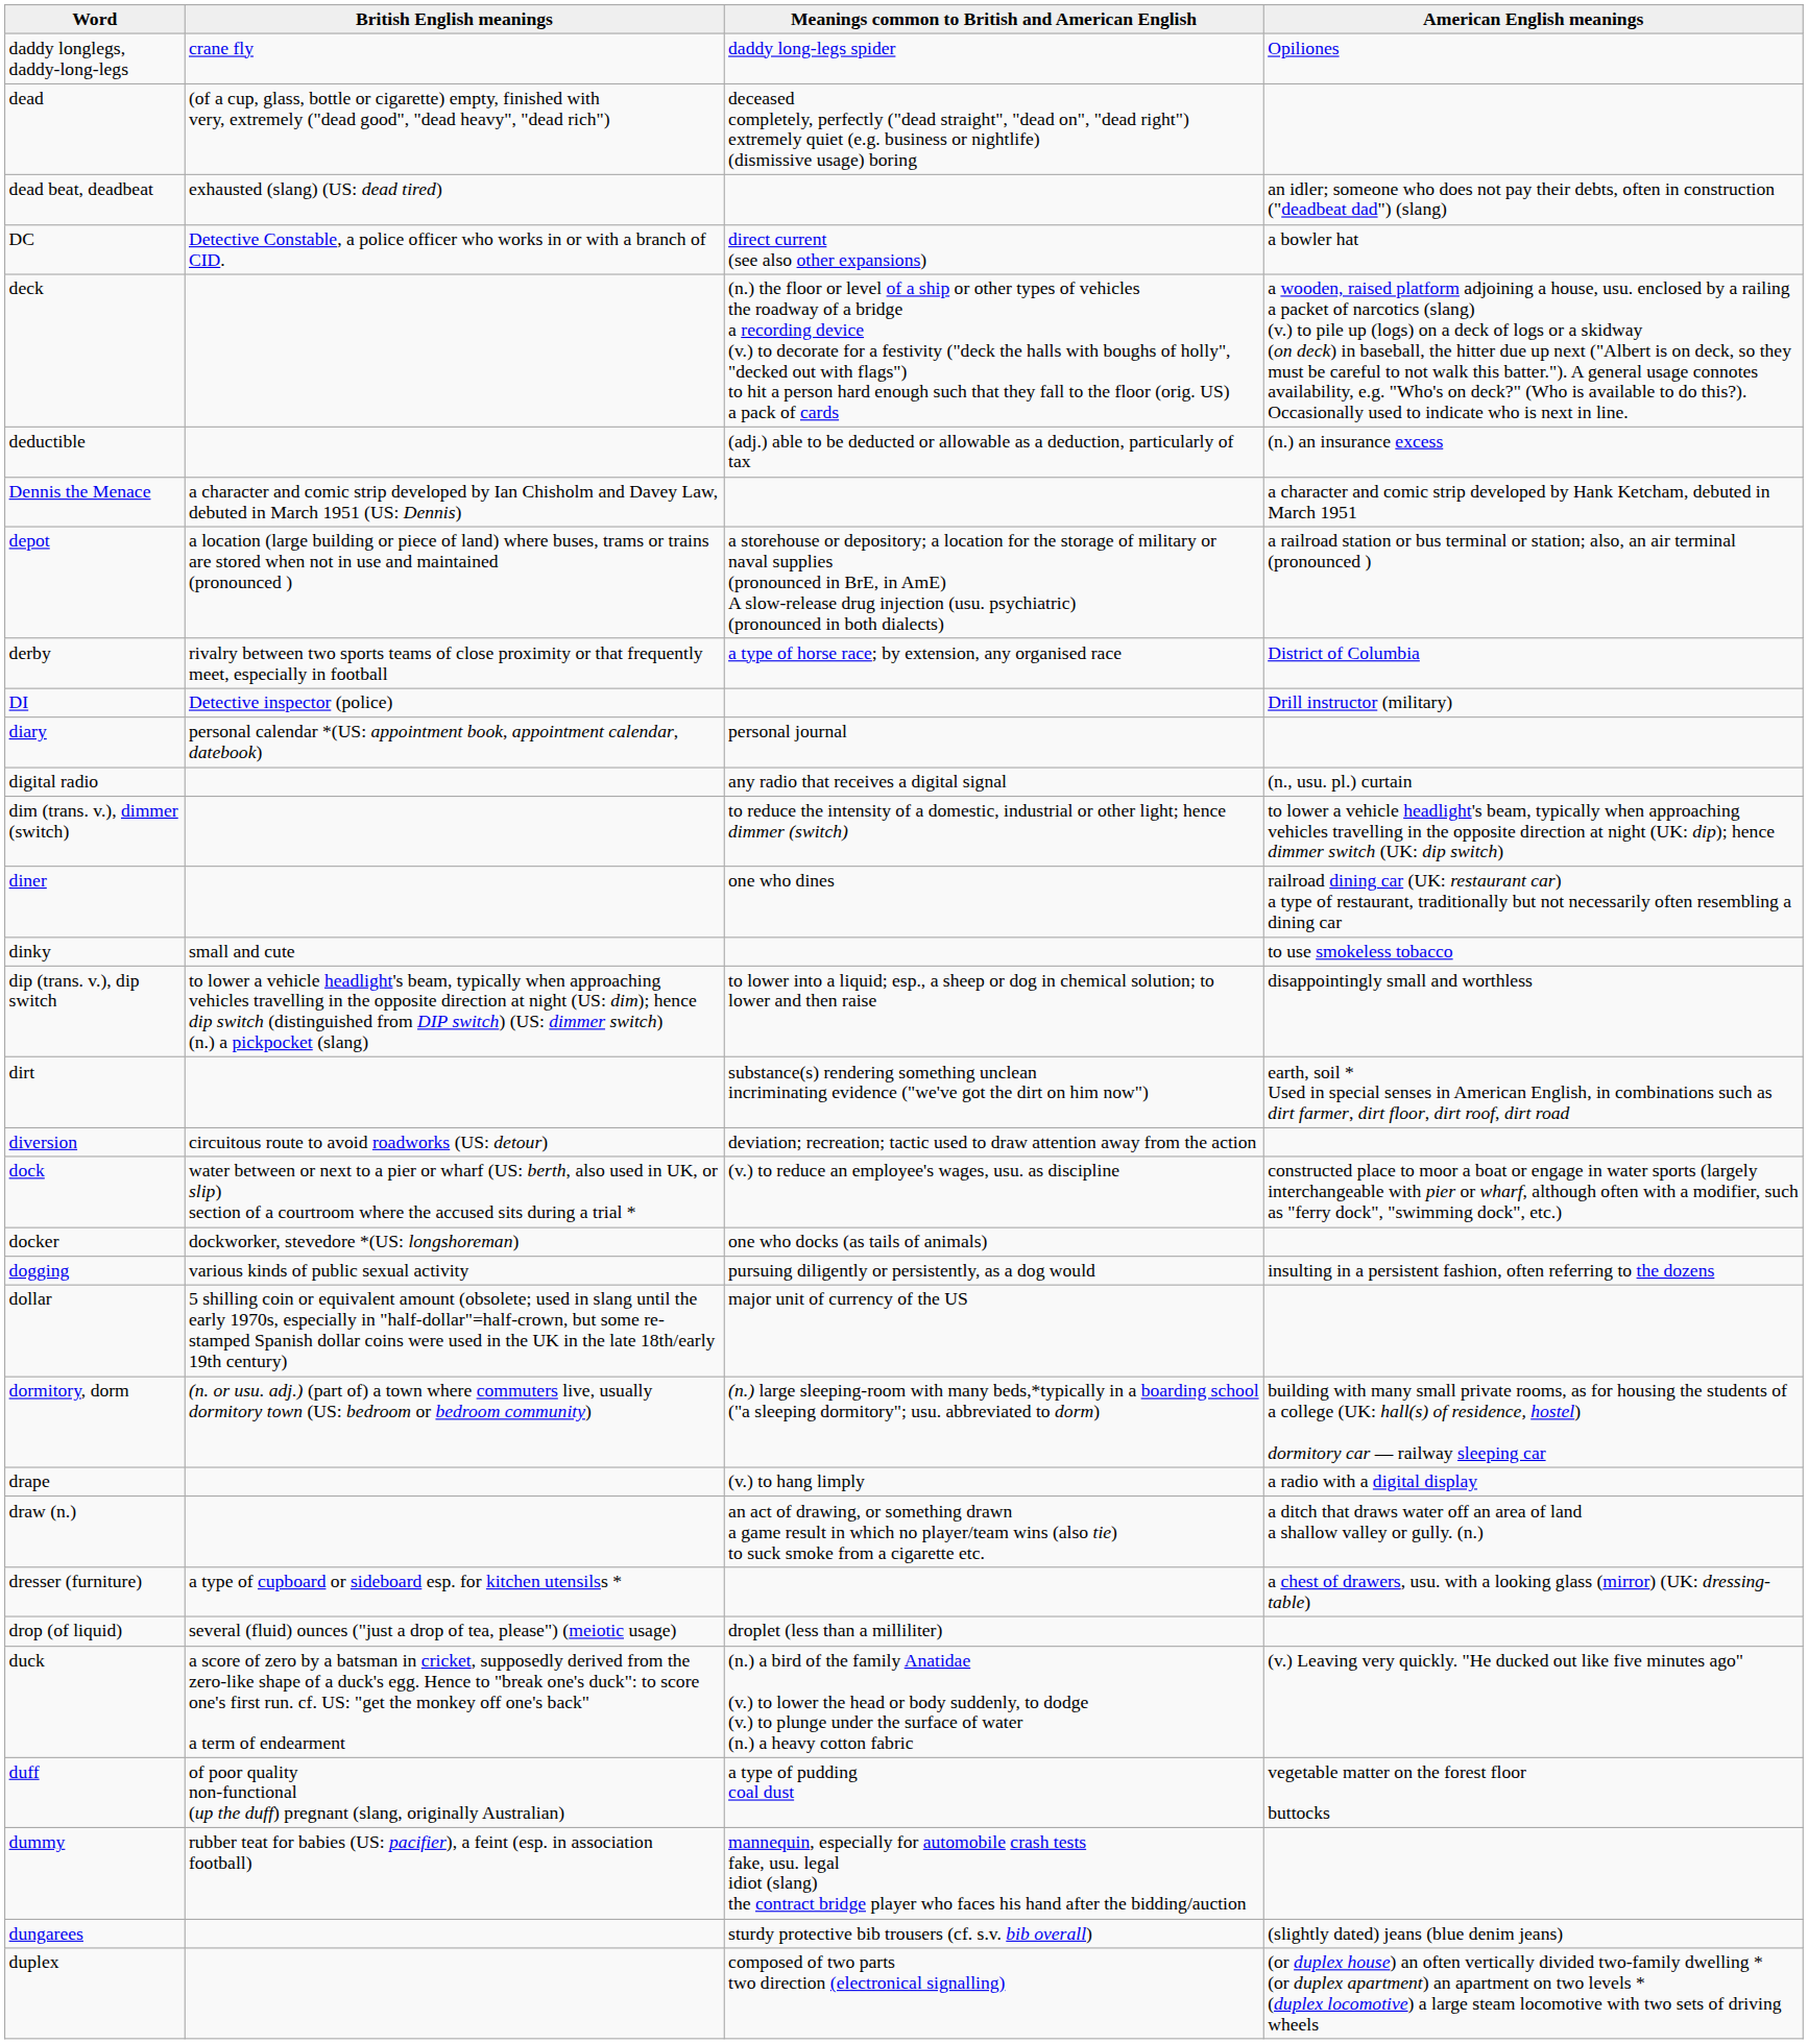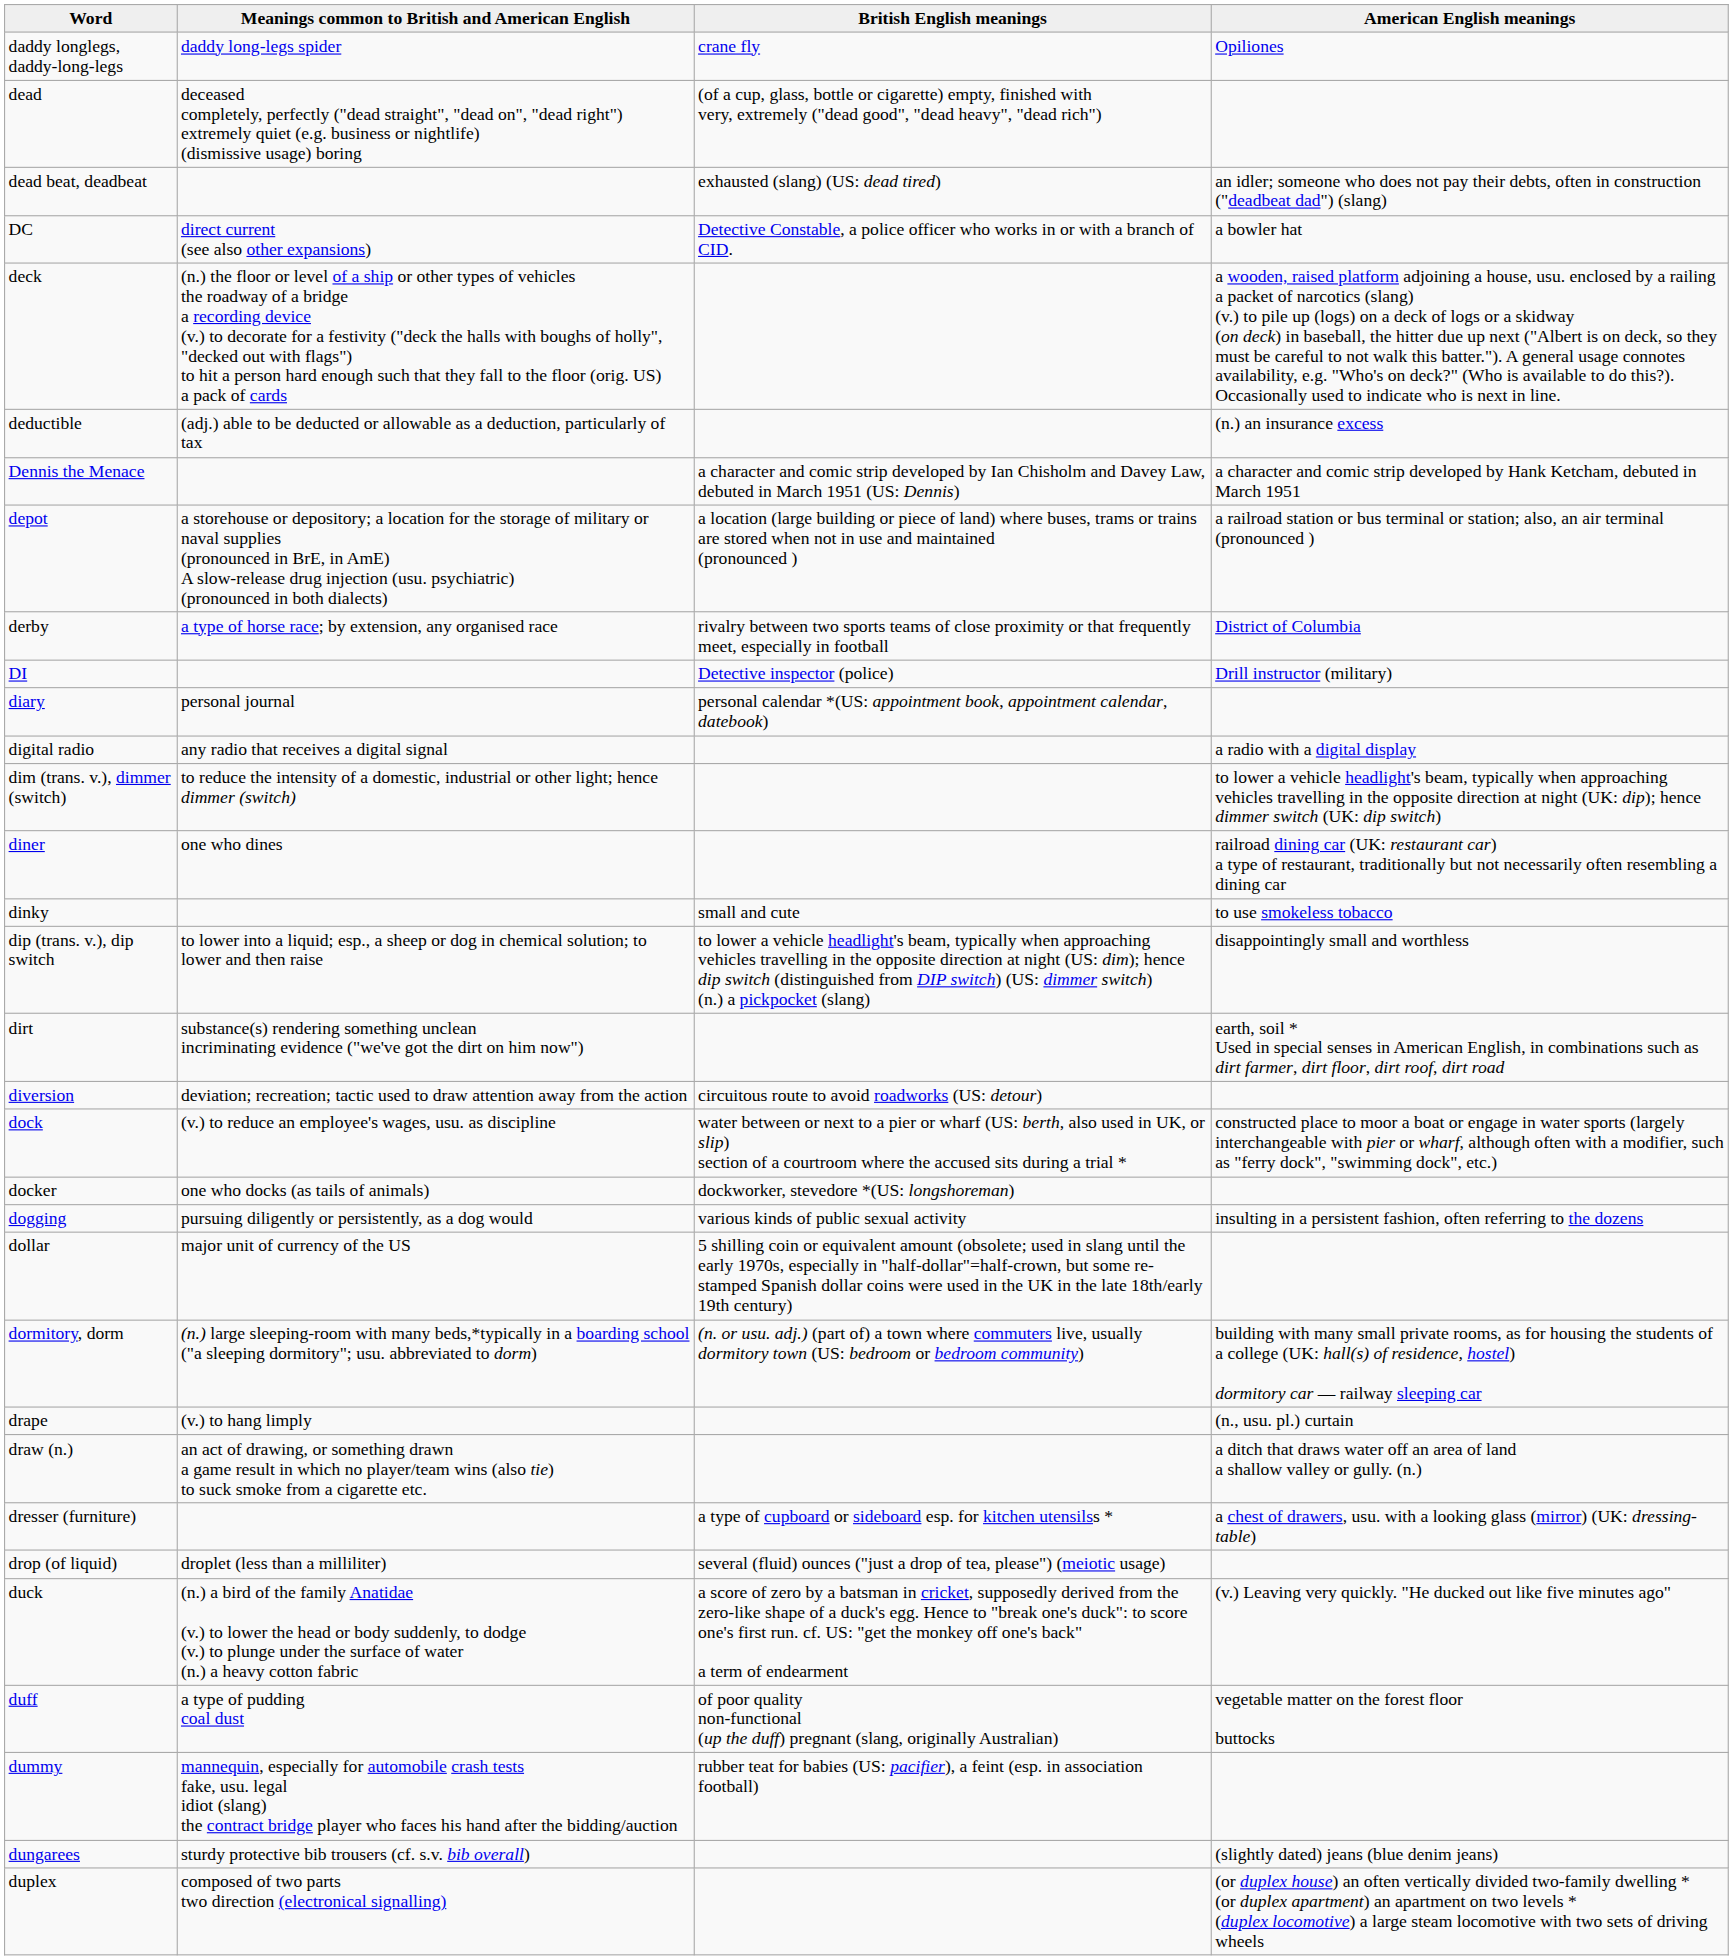 <table class="wikitable">
 <tr>
 <th style="width:10%; background:#efefef;">Word</th>
+<th style="width:30%; background:#efefef;">Meanings common to British and American English</th>
 <th style="width:30%; background:#efefef;">British English meanings</th>
-<th style="width:30%; background:#efefef;">Meanings common to British and American English</th>
 <th style="width:30%; background:#efefef;">American English meanings</th>
 </tr>
 <tr valign="top">
 <td>daddy longlegs, daddy-long-legs</td>
+<td><a href='#'>daddy long-legs spider</a></td>
 <td><a href='#'>crane fly</a></td>
-<td><a href='#'>daddy long-legs spider</a></td>
 <td><a href='#'>Opiliones</a></td>
 </tr>
 <tr valign="top">
 <td>dead</td>
+<td>deceased<br>completely, perfectly ("dead straight", "dead on", "dead right")<br>extremely quiet (e.g. business or nightlife)<br>(dismissive usage) boring</td>
 <td>(of a cup, glass, bottle or cigarette) empty, finished with<br>very, extremely ("dead good", "dead heavy", "dead rich")</td>
-<td>deceased<br>completely, perfectly ("dead straight", "dead on", "dead right")<br>extremely quiet (e.g. business or nightlife)<br>(dismissive usage) boring</td>
 <td> </td>
 </tr>
 <tr valign="top">
 <td>dead beat, deadbeat</td>
+<td> </td>
 <td>exhausted (slang) (US: <em>dead tired</em>)</td>
-<td> </td>
 <td>an idler; someone who does not pay their debts, often in construction ("<a href='#'>deadbeat dad</a>") (slang)</td>
 </tr>
 <tr valign="top">
 <td>DC</td>
+<td><a href='#'>direct current</a><br>(see also <a href='#'>other expansions</a>)</td>
 <td><a href='#'>Detective Constable</a>, a police officer who works in or with a branch of <a href='#'>CID</a>.</td>
-<td><a href='#'>direct current</a><br>(see also <a href='#'>other expansions</a>)</td>
 <td>a bowler hat</td>
 </tr>
 <tr valign="top">
 <td>deck</td>
+<td>(n.) the floor or level <a href='#'>of a ship</a> or other types of vehicles<br>the roadway of a bridge<br>a <a href='#'>recording device</a><br>(v.) to decorate for a festivity ("deck the halls with boughs of holly", "decked out with flags")<br>to hit a person hard enough such that they fall to the floor (orig. US) <br> a pack of <a href='#'>cards</a></td>
 <td> </td>
-<td>(n.) the floor or level <a href='#'>of a ship</a> or other types of vehicles<br>the roadway of a bridge<br>a <a href='#'>recording device</a><br>(v.) to decorate for a festivity ("deck the halls with boughs of holly", "decked out with flags")<br>to hit a person hard enough such that they fall to the floor (orig. US) <br> a pack of <a href='#'>cards</a></td>
 <td>a <a href='#'>wooden, raised platform</a> adjoining a house, usu. enclosed by a railing<br>a packet of narcotics (slang)<br>(v.) to pile up (logs) on a deck of logs or a skidway<br>(<em>on deck</em>) in baseball, the hitter due up next ("Albert is on deck, so they must be careful to not walk this batter."). A general usage connotes availability, e.g. "Who's on deck?" (Who is available to do this?). Occasionally used to indicate who is next in line.</td>
 </tr>
 <tr valign="top">
 <td>deductible</td>
+<td>(adj.) able to be deducted or allowable as a deduction, particularly of tax</td>
 <td> </td>
-<td>(adj.) able to be deducted or allowable as a deduction, particularly of tax</td>
 <td>(n.) an insurance <a href='#'>excess</a></td>
 </tr>
 <tr valign="top">
 <td><a href='#'>Dennis the Menace</a></td>
+<td> </td>
 <td>a character and comic strip developed by Ian Chisholm and Davey Law, debuted in March 1951 (US: <em>Dennis</em>)</td>
-<td> </td>
 <td>a character and comic strip developed by Hank Ketcham, debuted in March 1951</td>
 </tr>
 <tr valign="top">
 <td><a href='#'>depot</a></td>
+<td>a storehouse or depository; a location for the storage of military or naval supplies<br>(pronounced  in BrE,  in AmE)<br>A slow-release drug injection (usu. psychiatric)<br>(pronounced  in both dialects)</td>
 <td>a location (large building or piece of land) where buses, trams or trains are stored when not in use and maintained<br>(pronounced )</td>
-<td>a storehouse or depository; a location for the storage of military or naval supplies<br>(pronounced  in BrE,  in AmE)<br>A slow-release drug injection (usu. psychiatric)<br>(pronounced  in both dialects)</td>
 <td>a railroad station or bus terminal or station; also, an air terminal<br>(pronounced )</td>
 </tr>
 <tr valign="top">
 <td>derby</td>
+<td><a href='#'>a type of horse race</a>; by extension, any organised race</td>
 <td>rivalry between two sports teams of close proximity or that frequently meet, especially in football</td>
-<td><a href='#'>a type of horse race</a>; by extension, any organised race</td>
 <td><a href='#'>District of Columbia</a></td>
 </tr>
 <tr valign="top">
 <td><a href='#'>DI</a></td>
+<td> </td>
 <td><a href='#'>Detective inspector</a> (police)</td>
-<td> </td>
 <td><a href='#'>Drill instructor</a> (military)</td>
 </tr>
 <tr valign="top">
 <td><a href='#'>diary</a></td>
+<td>personal journal</td>
 <td>personal calendar *(US: <em>appointment book</em>, <em>appointment calendar</em>, <em>datebook</em>)</td>
-<td>personal journal</td>
 <td> </td>
 </tr>
 <tr valign="top">
 <td>digital radio</td>
+<td>any radio that receives a digital signal</td>
 <td> </td>
-<td>any radio that receives a digital signal</td>
-<td>(n., usu. pl.) curtain</td>
+<td>a radio with a <a href='#'>digital display</a></td>
 </tr>
 <tr valign="top">
 <td>dim (trans. v.), <a href='#'>dimmer</a> (switch)</td>
+<td>to reduce the intensity of a domestic, industrial or other light; hence <em>dimmer (switch)</em></td>
 <td> </td>
-<td>to reduce the intensity of a domestic, industrial or other light; hence <em>dimmer (switch)</em></td>
 <td>to lower a vehicle <a href='#'>headlight</a>'s beam, typically when approaching vehicles travelling in the opposite direction at night (UK: <em>dip</em>); hence <em>dimmer switch</em> (UK: <em>dip switch</em>)</td>
 </tr>
 <tr valign="top">
 <td><a href='#'>diner</a></td>
+<td>one who dines</td>
 <td> </td>
-<td>one who dines</td>
 <td>railroad <a href='#'>dining car</a> (UK: <em>restaurant car</em>)<br>a type of restaurant, traditionally but not necessarily often resembling a dining car</td>
 </tr>
 <tr valign="top">
 <td>dinky</td>
+<td> </td>
 <td>small and cute</td>
-<td> </td>
 <td>to use <a href='#'>smokeless tobacco</a></td>
 </tr>
 <tr valign="top">
 <td>dip (trans. v.), dip switch</td>
+<td>to lower into a liquid; esp., a sheep or dog in chemical solution; to lower and then raise</td>
 <td>to lower a vehicle <a href='#'>headlight</a>'s beam, typically when approaching vehicles travelling in the opposite direction at night (US: <em>dim</em>); hence <em>dip switch</em> (distinguished from <em><a href='#'>DIP switch</a></em>) (US: <em><a href='#'>dimmer</a> switch</em>)<br>(n.) a <a href='#'>pickpocket</a> (slang)</td>
-<td>to lower into a liquid; esp., a sheep or dog in chemical solution; to lower and then raise</td>
 <td>disappointingly small and worthless</td>
 </tr>
 <tr valign="top">
 <td>dirt</td>
+<td>substance(s) rendering something unclean<br>incriminating evidence ("we've got the dirt on him now")</td>
 <td> </td>
-<td>substance(s) rendering something unclean<br>incriminating evidence ("we've got the dirt on him now")</td>
 <td>earth, soil *<br> Used in special senses in American English, in combinations such as <em>dirt farmer</em>, <em>dirt floor</em>, <em>dirt roof</em>, <em>dirt road</em></td>
 </tr>
 <tr valign="top">
 <td><a href='#'>diversion</a></td>
+<td>deviation; recreation; tactic used to draw attention away from the action</td>
 <td>circuitous route to avoid <a href='#'>roadworks</a> (US: <em>detour</em>)</td>
-<td>deviation; recreation; tactic used to draw attention away from the action</td>
 <td> </td>
 </tr>
 <tr valign="top">
 <td><a href='#'>dock</a></td>
+<td>(v.) to reduce an employee's wages, usu. as discipline</td>
 <td>water between or next to a pier or wharf (US: <em>berth</em>, also used in UK, or <em>slip</em>)<br>section of a courtroom where the accused sits during a trial *</td>
-<td>(v.) to reduce an employee's wages, usu. as discipline</td>
 <td>constructed place to moor a boat or engage in water sports (largely interchangeable with <em>pier</em> or <em>wharf</em>, although often with a modifier, such as "ferry dock", "swimming dock", etc.)</td>
 </tr>
 <tr valign="top">
 <td>docker</td>
+<td>one who docks (as tails of animals)</td>
 <td>dockworker, stevedore *(US: <em>longshoreman</em>)</td>
-<td>one who docks (as tails of animals)</td>
 <td> </td>
 </tr>
 <tr valign="top">
 <td><a href='#'>dogging</a></td>
+<td>pursuing diligently or persistently, as a dog would</td>
 <td>various kinds of public sexual activity</td>
-<td>pursuing diligently or persistently, as a dog would</td>
 <td>insulting in a persistent fashion, often referring to <a href='#'>the dozens</a></td>
 </tr>
 <tr valign="top">
 <td>dollar</td>
+<td>major unit of currency of the US</td>
 <td>5 shilling coin or equivalent amount (obsolete; used in slang until the early 1970s, especially in "half-dollar"=half-crown, but some re-stamped Spanish dollar coins were used in the UK in the late 18th/early 19th century)</td>
-<td>major unit of currency of the US</td>
 <td> </td>
 </tr>
 <tr valign="top">
 <td><a href='#'>dormitory</a>, dorm</td>
+<td><em>(n.)</em> large sleeping-room with many beds,*typically in a <a href='#'>boarding school</a> ("a sleeping dormitory"; usu. abbreviated to <em>dorm</em>)</td>
 <td><em>(n. or usu. adj.)</em> (part of) a town where <a href='#'>commuters</a> live, usually <em>dormitory town</em> (US: <em>bedroom</em> or <em><a href='#'>bedroom community</a></em>)</td>
-<td><em>(n.)</em> large sleeping-room with many beds,*typically in a <a href='#'>boarding school</a> ("a sleeping dormitory"; usu. abbreviated to <em>dorm</em>)</td>
 <td>building with many small private rooms, as for housing the students of a college (UK: <em>hall(s) of residence, <a href='#'>hostel</a></em>)<br><br><em>dormitory car</em> — railway <a href='#'>sleeping car</a></td>
 </tr>
 <tr valign="top">
 <td>drape</td>
+<td>(v.) to hang limply</td>
 <td> </td>
-<td>(v.) to hang limply</td>
-<td>a radio with a <a href='#'>digital display</a></td>
+<td>(n., usu. pl.) curtain</td>
 </tr>
 <tr valign="top">
 <td>draw (n.)</td>
+<td>an act of drawing, or something drawn<br>a game result in which no player/team wins (also <em>tie</em>)<br>to suck smoke from a cigarette etc.</td>
 <td></td>
-<td>an act of drawing, or something drawn<br>a game result in which no player/team wins (also <em>tie</em>)<br>to suck smoke from a cigarette etc.</td>
 <td>a ditch that draws water off an area of land<br>a shallow valley or gully. (n.)</td>
 </tr>
 <tr valign="top">
 <td>dresser (furniture)</td>
+<td> </td>
 <td>a type of <a href='#'>cupboard</a> or <a href='#'>sideboard</a> esp. for <a href='#'>kitchen utensils</a>s *</td>
-<td> </td>
 <td>a <a href='#'>chest of drawers</a>, usu. with a looking glass (<a href='#'>mirror</a>) (UK: <em>dressing-table</em>)</td>
 </tr>
 <tr valign="top">
 <td>drop (of liquid)</td>
+<td>droplet (less than a milliliter)</td>
 <td>several (fluid) ounces ("just a drop of tea, please") (<a href='#'>meiotic</a> usage)</td>
-<td>droplet (less than a milliliter)</td>
 <td> </td>
 </tr>
 <tr valign="top">
 <td>duck</td>
+<td>(n.) a bird of the family <a href='#'>Anatidae</a><br><br>(v.) to lower the head or body suddenly, to dodge<br> (v.) to plunge under the surface of water<br> (n.) a heavy cotton fabric</td>
 <td>a score of zero by a batsman in <a href='#'>cricket</a>, supposedly derived from the zero-like shape of a duck's egg. Hence to "break one's duck": to score one's first run. cf. US: "get the monkey off one's back"<br><br>a term of endearment</td>
-<td>(n.) a bird of the family <a href='#'>Anatidae</a><br><br>(v.) to lower the head or body suddenly, to dodge<br> (v.) to plunge under the surface of water<br> (n.) a heavy cotton fabric</td>
 <td>(v.) Leaving very quickly. "He ducked out like five minutes ago"</td>
 </tr>
 <tr valign="top">
 <td><a href='#'>duff</a></td>
+<td>a type of pudding<br><a href='#'>coal dust</a></td>
 <td>of poor quality<br>non-functional<br>(<em>up the duff</em>) pregnant (slang, originally Australian)</td>
-<td>a type of pudding<br><a href='#'>coal dust</a></td>
 <td>vegetable matter on the forest floor<br><br>buttocks</td>
 </tr>
 <tr valign="top">
 <td><a href='#'>dummy</a></td>
+<td><a href='#'>mannequin</a>, especially for <a href='#'>automobile</a> <a href='#'>crash tests</a><br>fake, usu. legal<br>idiot (slang)<br>the <a href='#'>contract bridge</a> player who faces his hand after the bidding/auction</td>
 <td>rubber teat for babies (US: <em><a href='#'>pacifier</a></em>), a feint (esp. in association football)</td>
-<td><a href='#'>mannequin</a>, especially for <a href='#'>automobile</a> <a href='#'>crash tests</a><br>fake, usu. legal<br>idiot (slang)<br>the <a href='#'>contract bridge</a> player who faces his hand after the bidding/auction</td>
 <td> </td>
 </tr>
 <tr valign="top">
 <td><a href='#'>dungarees</a></td>
+<td>sturdy protective bib trousers (cf. s.v. <em><a href='#'>bib overall</a></em>)</td>
 <td> </td>
-<td>sturdy protective bib trousers (cf. s.v. <em><a href='#'>bib overall</a></em>)</td>
 <td>(slightly dated) jeans (blue denim jeans)</td>
 </tr>
 <tr valign="top">
 <td>duplex</td>
+<td>composed of two parts<br>two direction <a href='#'>(electronical signalling)</a></td>
 <td> </td>
-<td>composed of two parts<br>two direction <a href='#'>(electronical signalling)</a></td>
 <td>(or <em><a href='#'>duplex house</a></em>) an often vertically divided two-family dwelling *<br>(or <em>duplex apartment</em>) an apartment on two levels *<br>(<em><a href='#'>duplex locomotive</a></em>) a large steam locomotive with two sets of driving wheels</td>
 </tr>
 </table>
